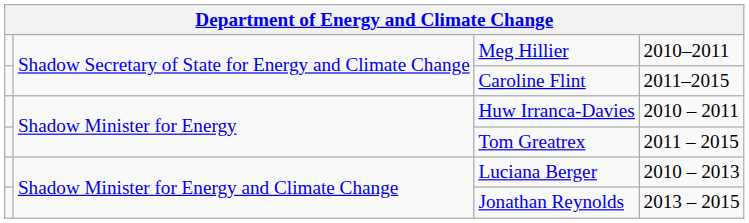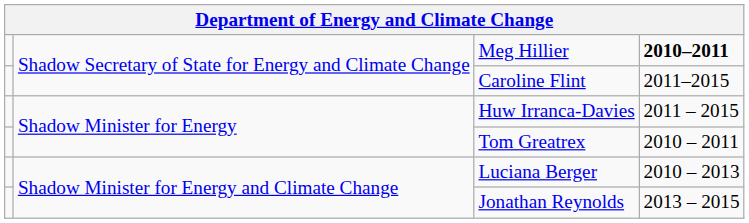 <table class="wikitable">
 <tr>
 <th colspan="4"><a href='#'>Department of Energy and Climate Change</a></th>
 </tr>
 <tr>
 <td style="background: "></td>
 <td rowspan="2"><a href='#'>Shadow Secretary of State for Energy and Climate Change</a></td>
 <td><a href='#'>Meg Hillier</a></td>
-<td>2010–2011</td>
+<td><strong>2010–2011</strong></td>
 </tr>
 <tr>
 <td style="background: "></td>
 <td><a href='#'>Caroline Flint</a></td>
 <td>2011–2015</td>
 </tr>
 <tr>
 <td style="background: "></td>
 <td rowspan="2"><a href='#'>Shadow Minister for Energy</a></td>
 <td><a href='#'>Huw Irranca-Davies</a></td>
-<td>2010 – 2011</td>
+<td>2011 – 2015</td>
 </tr>
 <tr>
 <td style="background: "></td>
 <td><a href='#'>Tom Greatrex</a></td>
-<td>2011 – 2015</td>
+<td>2010 – 2011</td>
 </tr>
 <tr>
 <td style="background: "></td>
 <td rowspan="2"><a href='#'>Shadow Minister for Energy and Climate Change</a></td>
 <td><a href='#'>Luciana Berger</a></td>
 <td>2010 – 2013</td>
 </tr>
 <tr>
 <td style="background: "></td>
 <td><a href='#'>Jonathan Reynolds</a></td>
 <td>2013 – 2015</td>
 </tr>
 </table>
